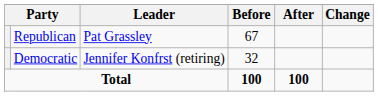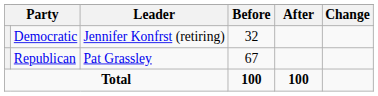 <table class="wikitable" style="text-align:center;">
 <tr>
 </tr>
 <tr>
 <th colspan="2">Party</th>
 <th>Leader</th>
 <th style="width:3em">Before</th>
 <th style="width:3em">After</th>
 <th style="width:3em">Change</th>
 </tr>
 <tr>
 <th style="background-color:"></th>
-<td style="text-align:left;"><a href='#'>Republican</a></td>
-<td style="text-align:left;"><a href='#'>Pat Grassley</a></td>
-<td>67</td>
+<td style="text-align:left;"><a href='#'>Democratic</a></td>
+<td style="text-align:left;"><a href='#'>Jennifer Konfrst</a> (retiring)</td>
+<td>32</td>
 <td></td>
 <td></td>
 </tr>
 <tr>
 <th style="background-color:"></th>
-<td style="text-align:left;"><a href='#'>Democratic</a></td>
-<td style="text-align:left;"><a href='#'>Jennifer Konfrst</a> (retiring)</td>
-<td>32</td>
+<td style="text-align:left;"><a href='#'>Republican</a></td>
+<td style="text-align:left;"><a href='#'>Pat Grassley</a></td>
+<td>67</td>
 <td></td>
 <td></td>
 </tr>
 <tr>
 <td colspan="3"><strong>Total</strong></td>
 <td><strong>100</strong></td>
 <td><strong>100</strong></td>
 <td></td>
 </tr>
 </table>
